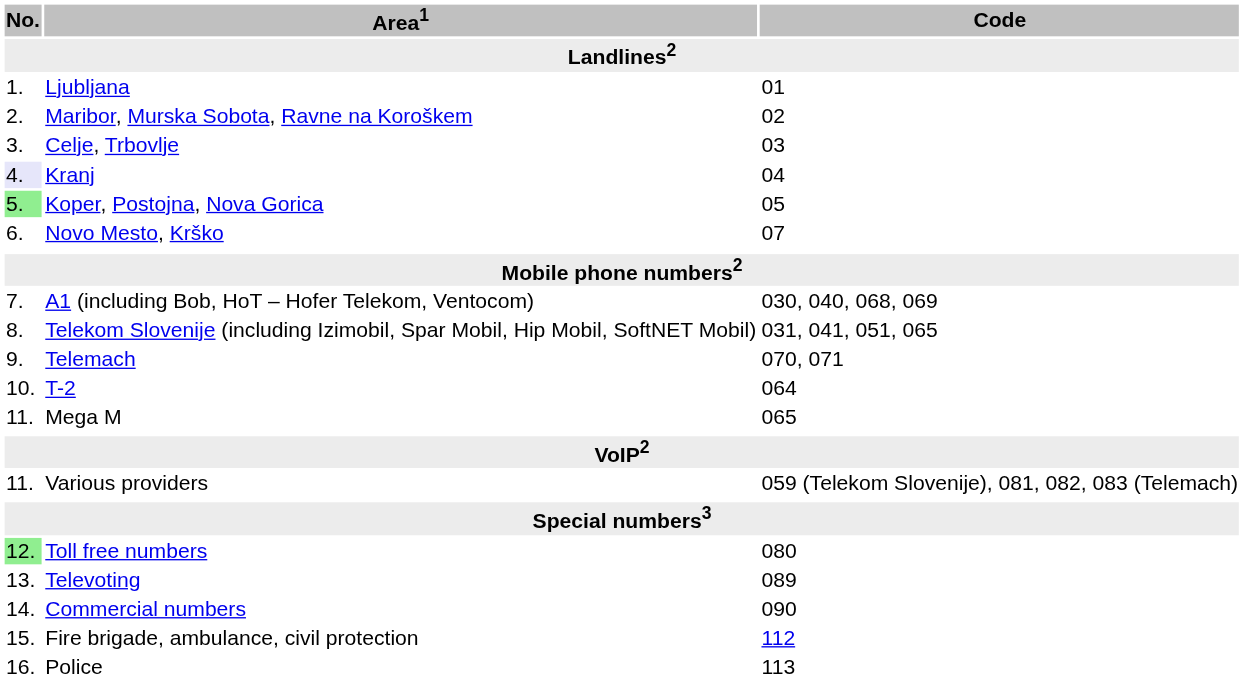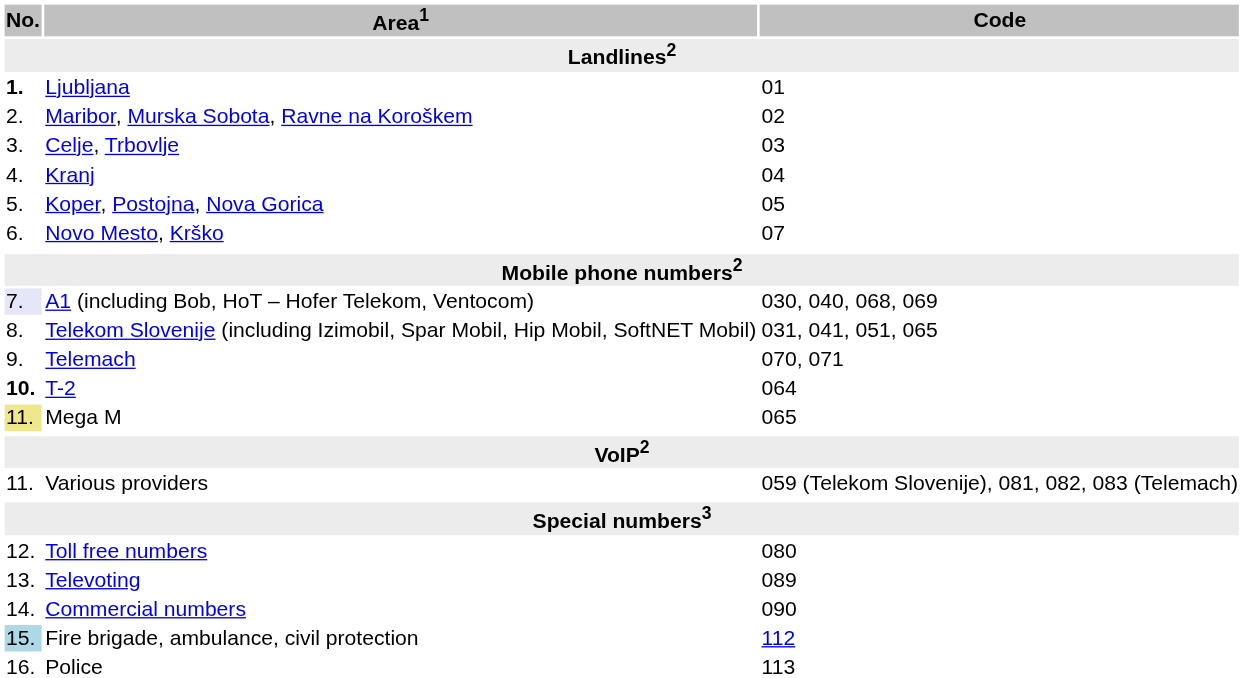 <table border=0>
 <tr bgcolor=silver>
 <th><strong>No.</strong></th>
 <th><strong>Area<sup>1</sup></strong></th>
 <th><strong>Code</strong></th>
 </tr>
 <tr bgcolor=#ececec>
 <th colspan="3">Landlines<sup>2</sup></th>
 </tr>
 <tr>
-<td>1.</td>
+<td><strong>1.</strong></td>
 <td><a href='#'>Ljubljana</a></td>
 <td>01</td>
 </tr>
 <tr>
 <td>2.</td>
 <td><a href='#'>Maribor</a>, <a href='#'>Murska Sobota</a>, <a href='#'>Ravne na Koroškem</a></td>
 <td>02</td>
 </tr>
 <tr>
 <td>3.</td>
 <td><a href='#'>Celje</a>, <a href='#'>Trbovlje</a></td>
 <td>03</td>
 </tr>
 <tr>
-<td style="background: lavender;">4.</td>
+<td>4.</td>
 <td><a href='#'>Kranj</a></td>
 <td>04</td>
 </tr>
 <tr>
-<td style="background: lightgreen;">5.</td>
+<td>5.</td>
 <td><a href='#'>Koper</a>, <a href='#'>Postojna</a>, <a href='#'>Nova Gorica</a></td>
 <td>05</td>
 </tr>
 <tr>
 <td>6.</td>
 <td><a href='#'>Novo Mesto</a>, <a href='#'>Krško</a></td>
 <td>07</td>
 <td></td>
 </tr>
 <tr>
 <td></td>
 <td></td>
 <td></td>
 <td></td>
 </tr>
 <tr bgcolor=#ececec>
 <th colspan="3">Mobile phone numbers<sup>2</sup></th>
 </tr>
 <tr>
-<td>7.</td>
+<td style="background: lavender;">7.</td>
 <td><a href='#'>A1</a> (including Bob, HoT – Hofer Telekom, Ventocom)</td>
 <td>030, 040, 068, 069</td>
 </tr>
 <tr>
 <td>8.</td>
 <td><a href='#'>Telekom Slovenije</a> (including Izimobil, Spar Mobil, Hip Mobil, SoftNET Mobil)</td>
 <td>031, 041, 051, 065</td>
 </tr>
 <tr>
 <td>9.</td>
 <td><a href='#'>Telemach</a></td>
 <td>070, 071</td>
 </tr>
 <tr>
-<td>10.</td>
+<td><strong>10.</strong></td>
 <td><a href='#'>T-2</a></td>
 <td>064</td>
 </tr>
 <tr>
-<td>11.</td>
+<td style="background: khaki;">11.</td>
 <td>Mega M</td>
 <td>065</td>
 </tr>
 <tr>
 </tr>
 <tr bgcolor=#ececec>
 <th colspan="3">VoIP<sup>2</sup></th>
 </tr>
 <tr>
 <td>11.</td>
 <td>Various providers</td>
 <td>059 (Telekom Slovenije), 081, 082, 083 (Telemach)</td>
 </tr>
 <tr>
 </tr>
 <tr bgcolor=#ececec>
 <th colspan="3">Special numbers<sup>3</sup></th>
 </tr>
 <tr>
-<td style="background: lightgreen;">12.</td>
+<td>12.</td>
 <td><a href='#'>Toll free numbers</a></td>
 <td>080</td>
 </tr>
 <tr>
 <td>13.</td>
 <td><a href='#'>Televoting</a></td>
 <td>089</td>
 <td></td>
 </tr>
 <tr>
 <td>14.</td>
 <td><a href='#'>Commercial numbers</a></td>
 <td>090</td>
 </tr>
 <tr>
-<td>15.</td>
+<td style="background: lightblue;">15.</td>
 <td>Fire brigade, ambulance, civil protection</td>
 <td><a href='#'>112</a></td>
 <td></td>
 </tr>
 <tr>
 <td>16.</td>
 <td>Police</td>
 <td>113</td>
 <td></td>
 </tr>
 </table>
